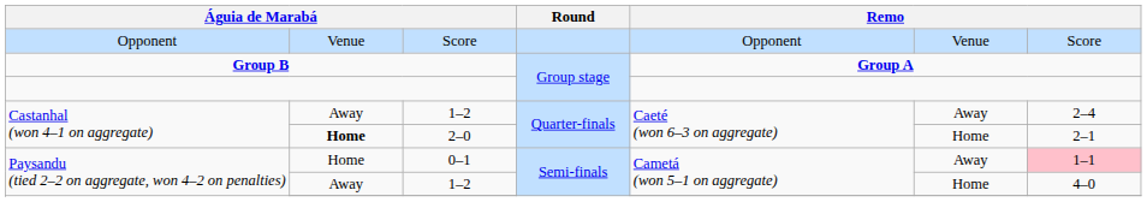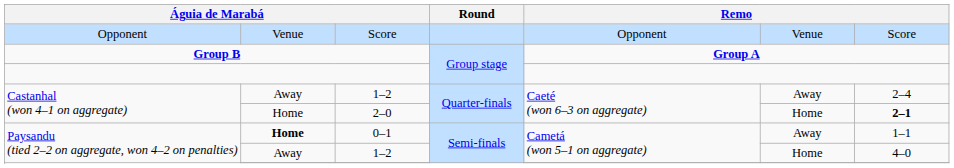 <table class="wikitable" style="text-align: center;">
 <tr>
 <th colspan=3><a href='#'>Águia de Marabá</a></th>
 <th>Round</th>
 <th colspan=3><a href='#'>Remo</a></th>
 </tr>
 <tr bgcolor=#c1e0ff>
 <td width=25%>Opponent</td>
 <td width=10%>Venue</td>
 <td width=10%>Score</td>
 <td width=10%></td>
 <td width=25%>Opponent</td>
 <td width=10%>Venue</td>
 <td width=10%>Score</td>
 </tr>
 <tr>
 <td colspan=3><strong><a href='#'>Group B</a></strong></td>
 <td rowspan=2 bgcolor=#c1e0ff><a href='#'>Group stage</a></td>
 <td colspan=3><strong><a href='#'>Group A</a></strong></td>
 </tr>
 <tr>
 <td colspan=3 align=center valign=top><br></td>
 <td colspan=3 align=center valign=top><br></td>
 </tr>
 <tr>
 <td rowspan=2 align=left><a href='#'>Castanhal</a><br><em>(won 4–1 on aggregate)</em></td>
 <td>Away</td>
 <td>1–2</td>
 <td rowspan=2 bgcolor=#c1e0ff><a href='#'>Quarter-finals</a></td>
 <td rowspan=2 align=left><a href='#'>Caeté</a><br><em>(won 6–3 on aggregate)</em></td>
 <td>Away</td>
 <td>2–4</td>
 </tr>
 <tr>
-<td><strong>Home</strong></td>
+<td>Home</td>
 <td>2–0</td>
 <td>Home</td>
-<td>2–1</td>
+<td><strong>2–1</strong></td>
 </tr>
 <tr>
 <td rowspan=3 align=left><a href='#'>Paysandu</a><br><em>(tied 2–2 on aggregate, won 4–2 on penalties)</em></td>
-<td>Home</td>
+<td><strong>Home</strong></td>
 <td>0–1</td>
 <td rowspan=3 bgcolor=#c1e0ff><a href='#'>Semi-finals</a></td>
 <td rowspan=2 align=left><a href='#'>Cametá</a><br><em>(won 5–1 on aggregate)</em></td>
 <td>Away</td>
-<td style="background: pink;">1–1</td>
+<td>1–1</td>
 </tr>
 <tr>
 <td>Away</td>
 <td>1–2</td>
 <td>Home</td>
 <td>4–0</td>
 </tr>
 <tr>
 </tr>
 </table>
